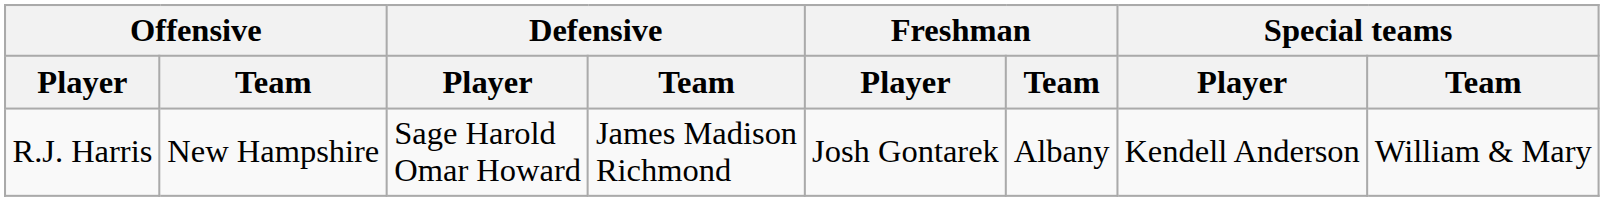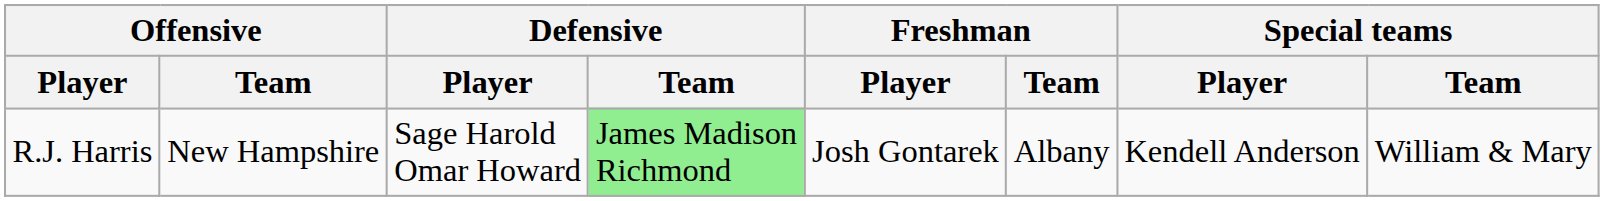 <table class="wikitable" border="1">
 <tr>
 <th colspan="2">Offensive</th>
 <th colspan="2">Defensive</th>
 <th colspan="2">Freshman</th>
 <th colspan="2">Special teams</th>
 </tr>
 <tr>
 <th>Player</th>
 <th>Team</th>
 <th>Player</th>
 <th>Team</th>
 <th>Player</th>
 <th>Team</th>
 <th>Player</th>
 <th>Team</th>
 </tr>
 <tr>
 <td>R.J. Harris</td>
 <td>New Hampshire</td>
 <td>Sage Harold<br>Omar Howard</td>
-<td>James Madison<br>Richmond</td>
+<td style="background: lightgreen;">James Madison<br>Richmond</td>
 <td>Josh Gontarek</td>
 <td>Albany</td>
 <td>Kendell Anderson</td>
 <td>William & Mary</td>
 </tr>
 </table>
